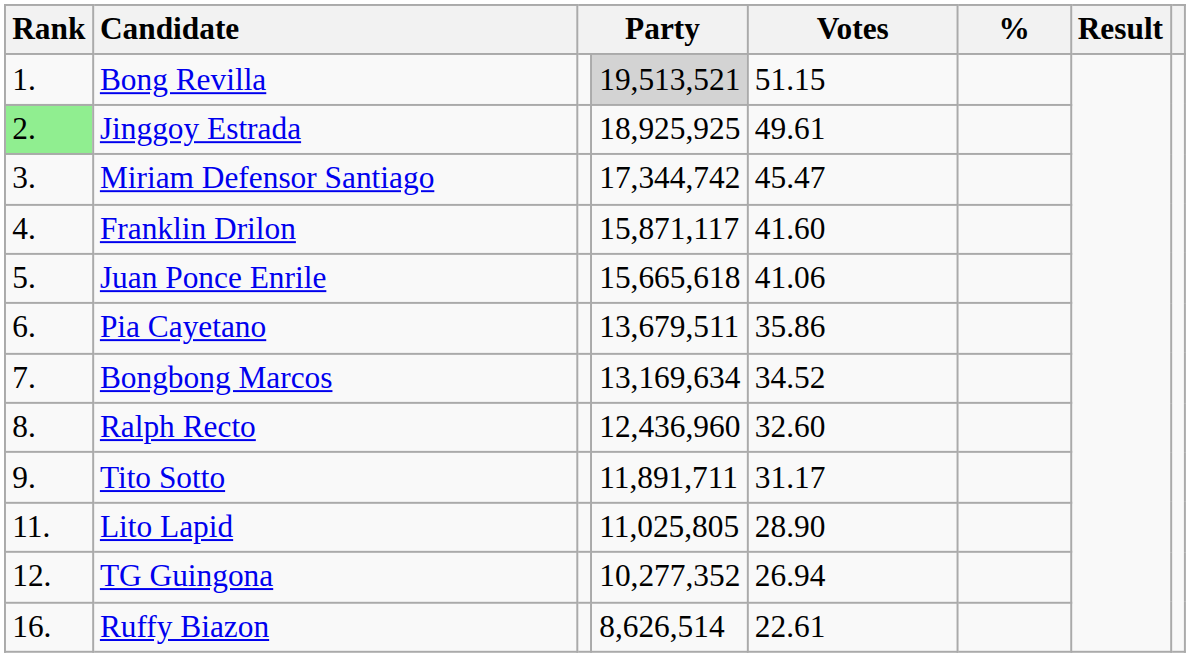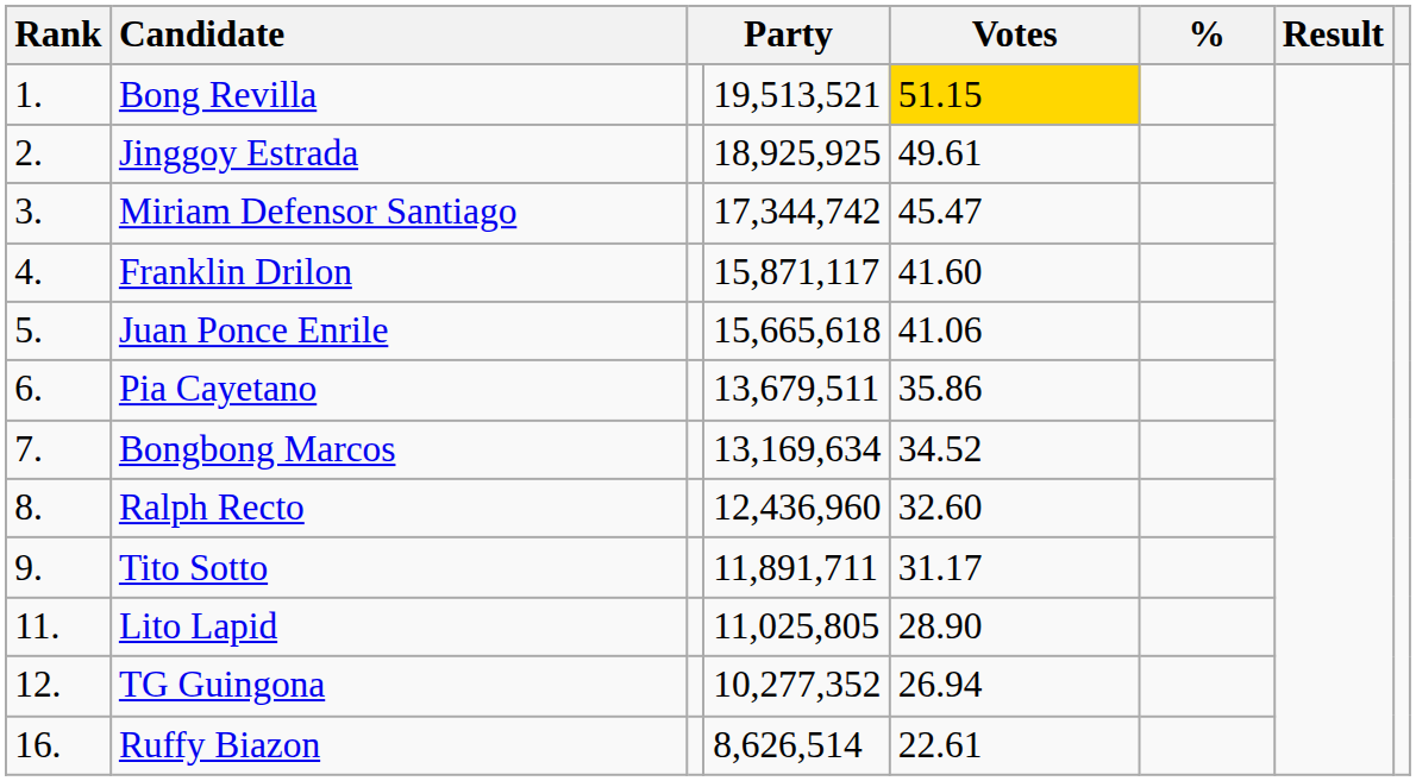 <table class="wikitable">
 <tr>
 <th width="5px">Rank</th>
 <th style="text-align:left;width: 15em">Candidate</th>
 <th colspan="2">Party</th>
 <th width="100px">Votes</th>
 <th width="50px">%</th>
 <th>Result</th>
 <th></th>
 </tr>
 <tr>
 <td>1.</td>
 <td width="200px" style="text-align:left;"><a href='#'>Bong Revilla</a></td>
 <td></td>
-<td style="background: lightgrey;">19,513,521</td>
-<td>51.15</td>
+<td>19,513,521</td>
+<td style="background: gold;">51.15</td>
 <td></td>
 <td rowspan="12"></td>
 </tr>
 <tr>
-<td style="background: lightgreen;">2.</td>
+<td>2.</td>
 <td width="200px" style="text-align:left;"><a href='#'>Jinggoy Estrada</a></td>
 <td></td>
 <td>18,925,925</td>
 <td>49.61</td>
 <td></td>
 </tr>
 <tr>
 <td>3.</td>
 <td width="200px" style="text-align:left;"><a href='#'>Miriam Defensor Santiago</a></td>
 <td></td>
 <td>17,344,742</td>
 <td>45.47</td>
 <td></td>
 </tr>
 <tr>
 <td>4.</td>
 <td width="200px" style="text-align:left;"><a href='#'>Franklin Drilon</a></td>
 <td></td>
 <td>15,871,117</td>
 <td>41.60</td>
 <td></td>
 </tr>
 <tr>
 <td>5.</td>
 <td width="200px" style="text-align:left;"><a href='#'>Juan Ponce Enrile</a></td>
 <td></td>
 <td>15,665,618</td>
 <td>41.06</td>
 <td></td>
 </tr>
 <tr>
 <td>6.</td>
 <td width="200px" style="text-align:left;"><a href='#'>Pia Cayetano</a></td>
 <td></td>
 <td>13,679,511</td>
 <td>35.86</td>
 <td></td>
 </tr>
 <tr>
 <td>7.</td>
 <td width="200px" style="text-align:left;"><a href='#'>Bongbong Marcos</a></td>
 <td></td>
 <td>13,169,634</td>
 <td>34.52</td>
 <td></td>
 </tr>
 <tr>
 <td>8.</td>
 <td width="200px" style="text-align:left;"><a href='#'>Ralph Recto</a></td>
 <td></td>
 <td>12,436,960</td>
 <td>32.60</td>
 <td></td>
 </tr>
 <tr>
 <td>9.</td>
 <td width="200px" style="text-align:left;"><a href='#'>Tito Sotto</a></td>
 <td></td>
 <td>11,891,711</td>
 <td>31.17</td>
 <td></td>
 </tr>
 <tr>
 <td>11.</td>
 <td width="200px" style="text-align:left;"><a href='#'>Lito Lapid</a></td>
 <td></td>
 <td>11,025,805</td>
 <td>28.90</td>
 <td></td>
 </tr>
 <tr>
 <td>12.</td>
 <td width="200px" style="text-align:left;"><a href='#'>TG Guingona</a></td>
 <td></td>
 <td>10,277,352</td>
 <td>26.94</td>
 <td></td>
 </tr>
 <tr>
 <td>16.</td>
 <td width="200px" style="text-align:left;"><a href='#'>Ruffy Biazon</a></td>
 <td></td>
 <td>8,626,514</td>
 <td>22.61</td>
 <td></td>
 </tr>
 </table>
